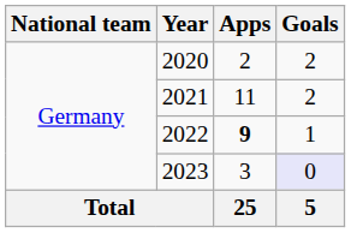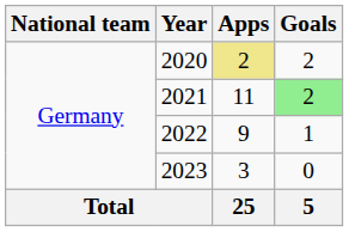 <table class="wikitable" style="text-align:center">
 <tr>
 <th>National team</th>
 <th>Year</th>
 <th>Apps</th>
 <th>Goals</th>
 </tr>
 <tr>
 <td rowspan="4"><a href='#'>Germany</a></td>
 <td>2020</td>
-<td>2</td>
+<td style="background: khaki;">2</td>
 <td>2</td>
 </tr>
 <tr>
 <td>2021</td>
 <td>11</td>
-<td>2</td>
+<td style="background: lightgreen;">2</td>
 </tr>
 <tr>
 <td>2022</td>
-<td><strong>9</strong></td>
+<td>9</td>
 <td>1</td>
 </tr>
 <tr>
 <td>2023</td>
 <td>3</td>
-<td style="background: lavender;">0</td>
+<td>0</td>
 </tr>
 <tr>
 <th colspan="2">Total</th>
 <th>25</th>
 <th>5</th>
 </tr>
 </table>
